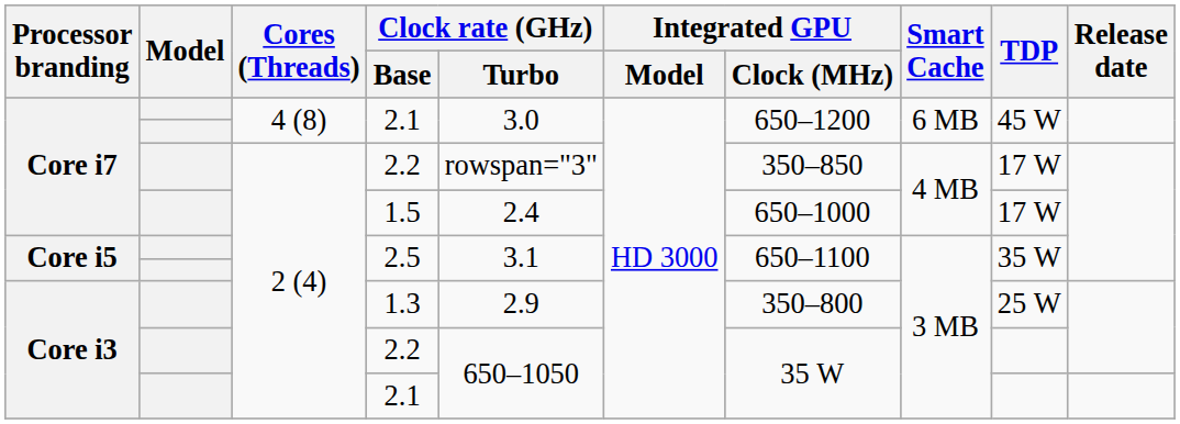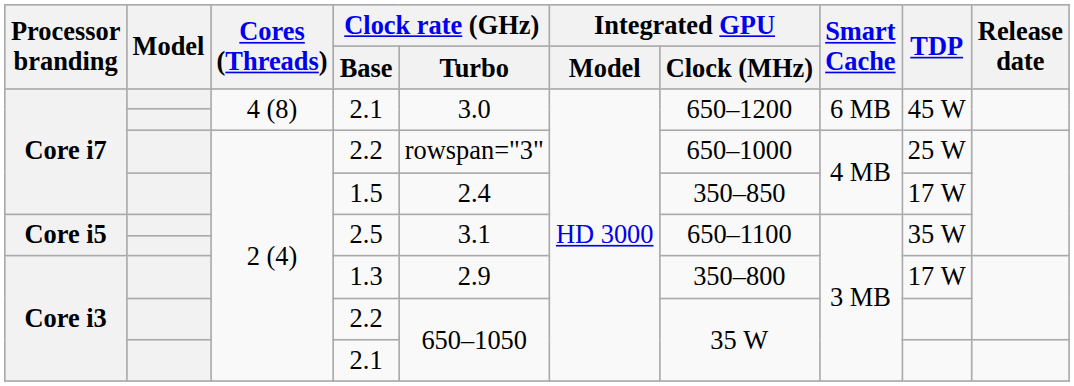 <table class="wikitable sortable nowrap" style="text-align: center;">
 <tr>
 <th class="unsortable" rowspan="2">Processor<br>branding</th>
 <th rowspan="2">Model</th>
 <th class="unsortable" rowspan="2"><a href='#'>Cores</a><br>(<a href='#'>Threads</a>)</th>
 <th colspan="2"><a href='#'>Clock rate</a> (GHz)</th>
 <th colspan="2">Integrated <a href='#'>GPU</a></th>
 <th class="unsortable" rowspan="2"><a href='#'>Smart<br>Cache</a></th>
 <th rowspan="2"><a href='#'>TDP</a></th>
 <th rowspan="2">Release<br>date</th>
 </tr>
 <tr>
 <th class="unsortable">Base</th>
 <th class="unsortable">Turbo</th>
 <th class="unsortable">Model</th>
 <th class="unsortable">Clock (MHz)</th>
 </tr>
 <tr>
 <th rowspan="4">Core i7</th>
 <th style="text-align:left;" data-sort-value="sku9"></th>
 <td rowspan="2">4 (8)</td>
 <td rowspan="2">2.1</td>
 <td rowspan="2">3.0</td>
 <td rowspan="9"><a href='#'>HD 3000</a></td>
 <td rowspan="2">650–1200</td>
 <td rowspan="2">6 MB</td>
 <td rowspan="2">45 W</td>
 <td rowspan="2"></td>
 </tr>
 <tr>
 <th style="text-align:left;" data-sort-value="sku8"></th>
 </tr>
 <tr>
 <th style="text-align:left;" data-sort-value="sku7"></th>
 <td rowspan="7">2 (4)</td>
 <td>2.2</td>
 <td>rowspan="3" </td>
-<td>350–850</td>
+<td>650–1000</td>
 <td rowspan="2">4 MB</td>
-<td>17 W</td>
+<td>25 W</td>
 <td rowspan="4"></td>
 </tr>
 <tr>
 <th style="text-align:left;" data-sort-value="sku6"></th>
 <td>1.5</td>
 <td>2.4</td>
-<td>650–1000</td>
+<td>350–850</td>
 <td>17 W</td>
 </tr>
 <tr>
 <th rowspan="2">Core i5</th>
 <th style="text-align:left;" data-sort-value="sku5"></th>
 <td rowspan="2">2.5</td>
 <td rowspan="2">3.1</td>
 <td rowspan="2">650–1100</td>
 <td rowspan="5">3 MB</td>
 <td rowspan="2">35 W</td>
 </tr>
 <tr>
 <th style="text-align:left;" data-sort-value="sku4"></th>
 </tr>
 <tr>
 <th rowspan="3">Core i3</th>
 <th style="text-align:left;" data-sort-value="sku3"></th>
 <td>1.3</td>
 <td>2.9</td>
 <td>350–800</td>
-<td>25 W</td>
+<td>17 W</td>
 <td rowspan="2"></td>
 </tr>
 <tr>
 <th style="text-align:left;" data-sort-value="sku2"></th>
 <td>2.2</td>
 <td rowspan="2">650–1050</td>
 <td rowspan="2">35 W</td>
 </tr>
 <tr>
 <th style="text-align:left;" data-sort-value="sku1"></th>
 <td>2.1</td>
 <td></td>
 </tr>
 </table>
